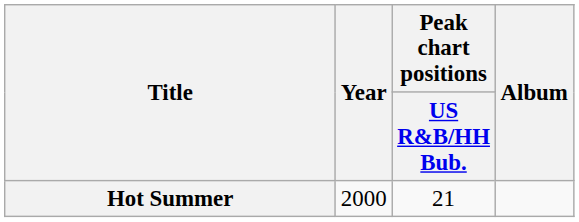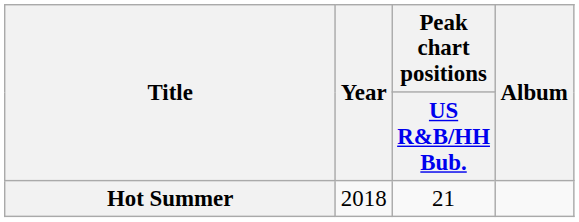 <table class="wikitable plainrowheaders" style="text-align:center;">
 <tr>
 <th scope="col" rowspan="2" style="width:14em;">Title</th>
 <th scope="col" rowspan="2">Year</th>
 <th scope="col">Peak chart positions</th>
 <th scope="col" rowspan="2">Album</th>
 </tr>
 <tr>
 <th scope="col" style="width:3em;font-size=90%"><a href='#'>US R&B/HH Bub.</a></th>
 </tr>
 <tr>
 <th scope="row">Hot Summer<br></th>
-<td>2000</td>
+<td>2018</td>
 <td>21</td>
 <td></td>
 </tr>
 </table>
